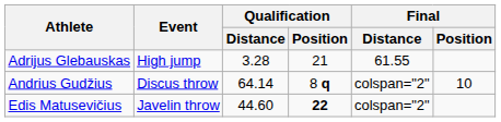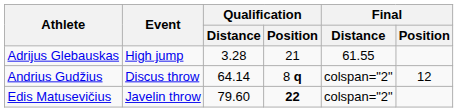 <table class="wikitable" style="font-size:90%">
 <tr>
 <th rowspan="2">Athlete</th>
 <th rowspan="2">Event</th>
 <th colspan="2">Qualification</th>
 <th colspan="2">Final</th>
 </tr>
 <tr>
 <th>Distance</th>
 <th>Position</th>
 <th>Distance</th>
 <th>Position</th>
 </tr>
 <tr style=text-align:center>
 <td style=text-align:left><a href='#'>Adrijus Glebauskas</a></td>
 <td style=text-align:left><a href='#'>High jump</a></td>
 <td>3.28</td>
 <td>21</td>
 <td>61.55</td>
 </tr>
 <tr style=text-align:center>
 <td style=text-align:left><a href='#'>Andrius Gudžius</a></td>
 <td style=text-align:left><a href='#'>Discus throw</a></td>
 <td>64.14</td>
 <td>8 <strong>q</strong></td>
 <td>colspan="2" </td>
-<td>10</td>
+<td>12</td>
 </tr>
 <tr style=text-align:center>
 <td style=text-align:left><a href='#'>Edis Matusevičius</a></td>
 <td style=text-align:left><a href='#'>Javelin throw</a></td>
-<td>44.60</td>
+<td>79.60</td>
 <td><strong>22</strong></td>
 <td>colspan="2" </td>
 </tr>
 </table>
